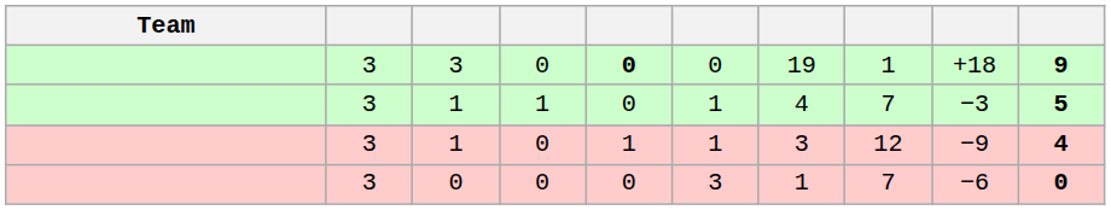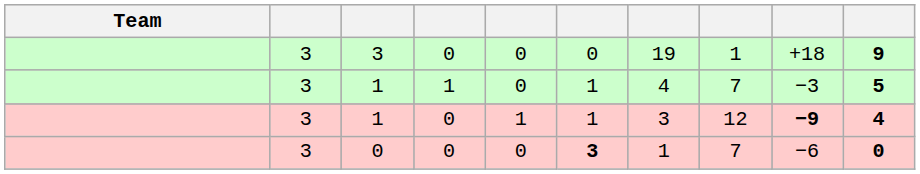 <table class="wikitable" style="text-align:center;">
 <tr>
 <th width=165>Team</th>
 <th width=40></th>
 <th width=40></th>
 <th width=40></th>
 <th width=40></th>
 <th width=40></th>
 <th width=40></th>
 <th width=40></th>
 <th width=40></th>
 <th width=40></th>
 </tr>
 <tr style="background:#ccffcc;">
 <td style="text-align:left;"></td>
 <td>3</td>
 <td>3</td>
 <td>0</td>
-<td><strong>0</strong></td>
+<td>0</td>
 <td>0</td>
 <td>19</td>
 <td>1</td>
 <td>+18</td>
 <td><strong>9</strong></td>
 </tr>
 <tr style="background:#ccffcc;">
 <td style="text-align:left;"></td>
 <td>3</td>
 <td>1</td>
 <td>1</td>
 <td>0</td>
 <td>1</td>
 <td>4</td>
 <td>7</td>
 <td>−3</td>
 <td><strong>5</strong></td>
 </tr>
 <tr style="background:#ffcccc;">
 <td style="text-align:left;"></td>
 <td>3</td>
 <td>1</td>
 <td>0</td>
 <td>1</td>
 <td>1</td>
 <td>3</td>
 <td>12</td>
-<td>−9</td>
+<td><strong>−9</strong></td>
 <td><strong>4</strong></td>
 </tr>
 <tr style="background:#ffcccc;">
 <td style="text-align:left;"></td>
 <td>3</td>
 <td>0</td>
 <td>0</td>
 <td>0</td>
-<td>3</td>
+<td><strong>3</strong></td>
 <td>1</td>
 <td>7</td>
 <td>−6</td>
 <td><strong>0</strong></td>
 </tr>
 </table>
